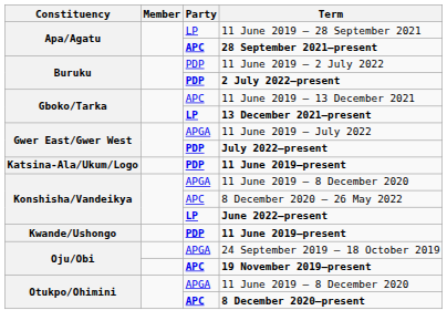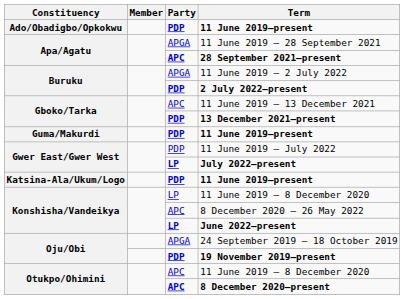 <table class="wikitable">
 <tr valign=bottom>
 <th>Constituency</th>
 <th>Member</th>
 <th>Party</th>
 <th>Term</th>
 </tr>
 <tr>
+<th>Ado/Obadigbo/Opkokwu</th>
+<td><strong></strong></td>
+<td><strong><a href='#'>PDP</a></strong></td>
+<td><strong>11 June 2019–present</strong></td>
+</tr>
+<tr>
 <th rowspan=2>Apa/Agatu</th>
 <td rowspan=2><strong></strong></td>
-<td><a href='#'>LP</a></td>
+<td><a href='#'>APGA</a></td>
 <td>11 June 2019 – 28 September 2021</td>
 </tr>
 <tr>
 <td><strong><a href='#'>APC</a></strong></td>
 <td><strong>28 September 2021–present</strong></td>
 </tr>
 <tr>
 <th rowspan=2>Buruku</th>
 <td rowspan=2><strong></strong></td>
-<td><a href='#'>PDP</a></td>
+<td><a href='#'>APGA</a></td>
 <td>11 June 2019 – 2 July 2022</td>
 </tr>
 <tr>
 <td><strong><a href='#'>PDP</a></strong></td>
 <td><strong>2 July 2022–present</strong></td>
 </tr>
 <tr>
 <th rowspan=2>Gboko/Tarka</th>
 <td rowspan=2><strong></strong></td>
 <td><a href='#'>APC</a></td>
 <td>11 June 2019 – 13 December 2021</td>
 </tr>
 <tr>
-<td><strong><a href='#'>LP</a></strong></td>
+<td><strong><a href='#'>PDP</a></strong></td>
 <td><strong>13 December 2021–present</strong></td>
+</tr>
+<tr>
+<th>Guma/Makurdi</th>
+<td><strong></strong></td>
+<td><strong><a href='#'>PDP</a></strong></td>
+<td><strong>11 June 2019–present</strong></td>
 </tr>
 <tr>
 <th rowspan=2>Gwer East/Gwer West</th>
 <td rowspan=2><strong></strong></td>
-<td><a href='#'>APGA</a></td>
+<td><a href='#'>PDP</a></td>
 <td>11 June 2019 – July 2022</td>
 </tr>
 <tr>
-<td><strong><a href='#'>PDP</a></strong></td>
+<td><strong><a href='#'>LP</a></strong></td>
 <td><strong>July 2022–present</strong></td>
 </tr>
 <tr>
 <th>Katsina-Ala/Ukum/Logo</th>
 <td><strong></strong></td>
 <td><strong><a href='#'>PDP</a></strong></td>
 <td><strong>11 June 2019–present</strong></td>
 </tr>
 <tr>
 <th rowspan=3>Konshisha/Vandeikya</th>
 <td rowspan=3><strong></strong></td>
-<td><a href='#'>APGA</a></td>
+<td><a href='#'>LP</a></td>
 <td>11 June 2019 – 8 December 2020</td>
 </tr>
 <tr>
 <td><a href='#'>APC</a></td>
 <td>8 December 2020 – 26 May 2022</td>
 </tr>
 <tr>
 <td><strong><a href='#'>LP</a></strong></td>
 <td><strong>June 2022–present</strong></td>
 </tr>
 <tr>
-<th>Kwande/Ushongo</th>
-<td><strong></strong></td>
-<td><strong><a href='#'>PDP</a></strong></td>
-<td><strong>11 June 2019–present</strong></td>
-</tr>
-<tr>
 <th rowspan=2>Oju/Obi</th>
 <td style="opacity:.3;"></td>
 <td><a href='#'>APGA</a></td>
 <td>24 September 2019 – 18 October 2019</td>
 </tr>
 <tr>
 <td><strong></strong></td>
-<td><strong><a href='#'>APC</a></strong></td>
+<td><strong><a href='#'>PDP</a></strong></td>
 <td><strong>19 November 2019–present</strong></td>
 </tr>
 <tr>
 <th rowspan=2>Otukpo/Ohimini</th>
 <td rowspan=2><strong></strong></td>
-<td><a href='#'>APGA</a></td>
+<td><a href='#'>APC</a></td>
 <td>11 June 2019 – 8 December 2020</td>
 </tr>
 <tr>
 <td><strong><a href='#'>APC</a></strong></td>
 <td><strong>8 December 2020–present</strong></td>
 </tr>
 </table>
